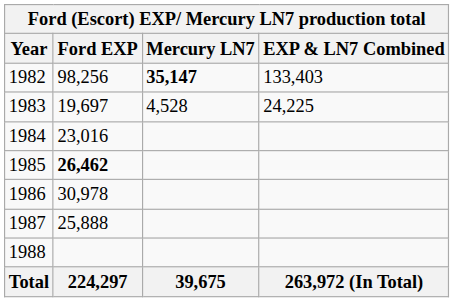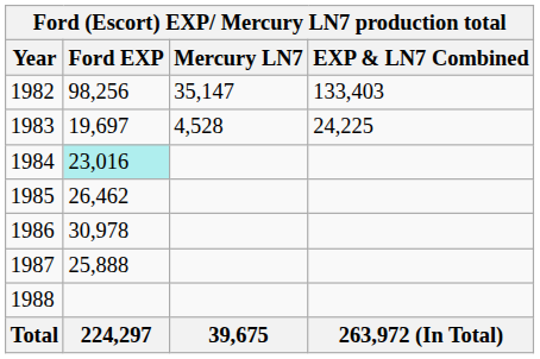 <table class="wikitable">
 <tr>
 <th colspan="4">Ford (Escort) EXP/ Mercury LN7 production total</th>
 </tr>
 <tr>
 <th>Year</th>
 <th>Ford EXP</th>
 <th>Mercury LN7</th>
 <th>EXP & LN7 Combined</th>
 </tr>
 <tr>
 <td>1982</td>
 <td>98,256</td>
-<td><strong>35,147</strong></td>
+<td>35,147</td>
 <td>133,403</td>
 </tr>
 <tr>
 <td>1983</td>
 <td>19,697</td>
 <td>4,528</td>
 <td>24,225</td>
 </tr>
 <tr>
 <td>1984</td>
-<td>23,016</td>
+<td style="background: paleturquoise;">23,016</td>
 <td></td>
 <td></td>
 </tr>
 <tr>
 <td>1985</td>
-<td><strong>26,462</strong></td>
+<td>26,462</td>
 <td></td>
 <td></td>
 </tr>
 <tr>
 <td>1986</td>
 <td>30,978</td>
 <td></td>
 <td></td>
 </tr>
 <tr>
 <td>1987</td>
 <td>25,888</td>
 <td></td>
 <td></td>
 </tr>
 <tr>
 <td>1988</td>
 <td></td>
 <td></td>
 <td></td>
 </tr>
 <tr>
 <th>Total</th>
 <th>224,297</th>
 <th>39,675</th>
 <th>263,972 (In Total)</th>
 </tr>
 </table>
